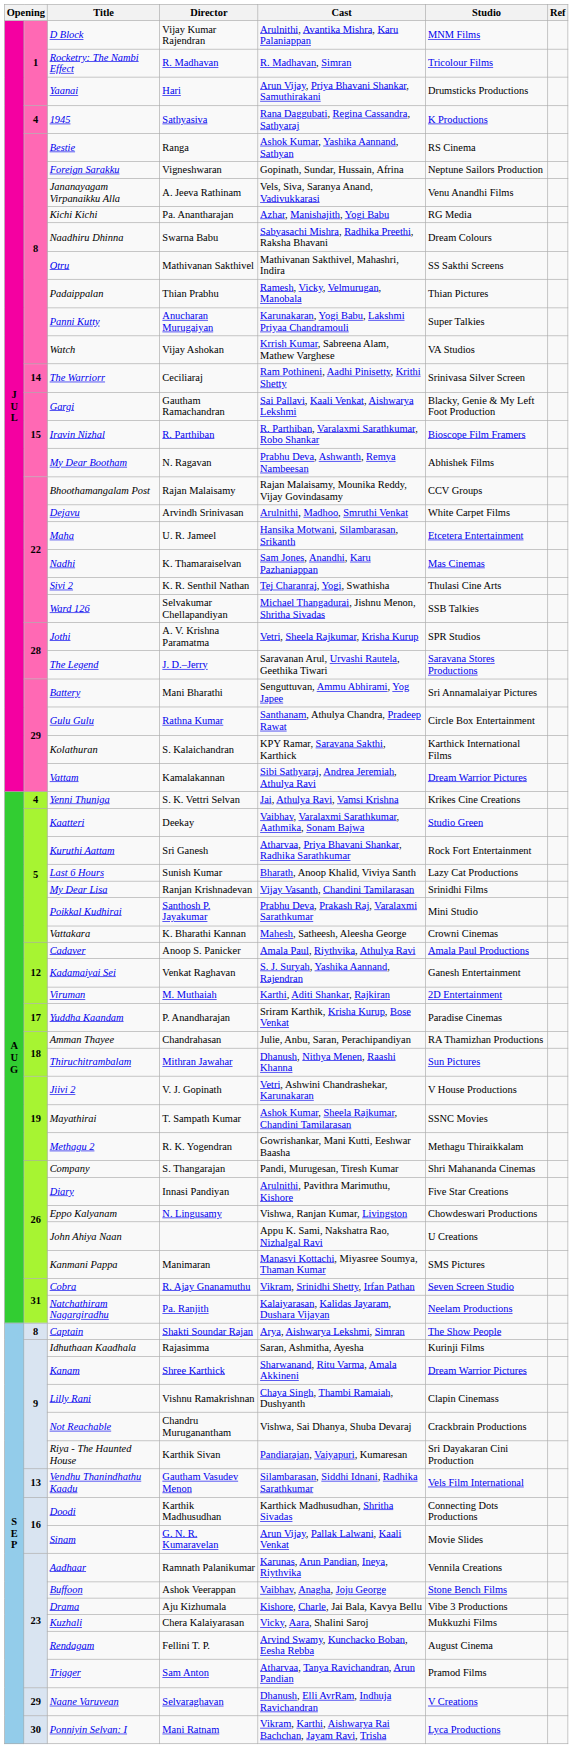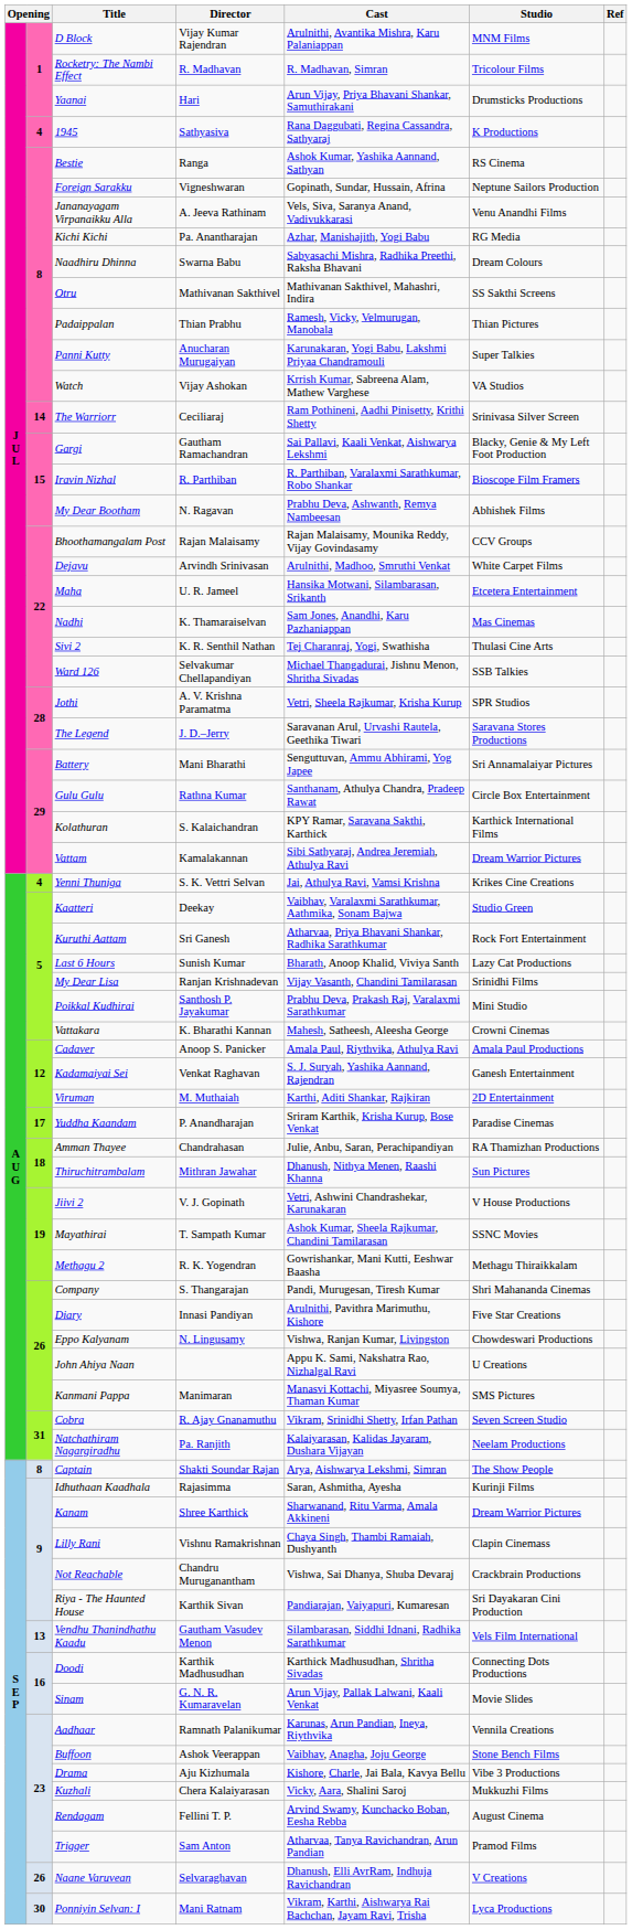 <table class="wikitable sortable">
 <tr>
 <th colspan="2">Opening</th>
 <th style="width:20%;">Title</th>
 <th>Director</th>
 <th>Cast</th>
 <th>Studio</th>
 <th>Ref</th>
 </tr>
 <tr>
 <td rowspan="29" style="text-align:center; background:#F400A1; textcolor:#000;"><strong>J<br>U<br>L</strong></td>
 <td rowspan="3" style="text-align:center; background:hotPink;"><strong>1</strong></td>
 <td><em><a href='#'>D Block</a></em></td>
 <td>Vijay Kumar Rajendran</td>
 <td><a href='#'>Arulnithi</a>, <a href='#'>Avantika Mishra</a>, <a href='#'>Karu Palaniappan</a></td>
 <td><a href='#'>MNM Films</a></td>
 <td></td>
 </tr>
 <tr>
 <td><em><a href='#'>Rocketry: The Nambi Effect</a></em></td>
 <td><a href='#'>R. Madhavan</a></td>
 <td><a href='#'>R. Madhavan</a>, <a href='#'>Simran</a></td>
 <td><a href='#'>Tricolour Films</a></td>
 <td></td>
 </tr>
 <tr>
 <td><em><a href='#'>Yaanai</a></em></td>
 <td><a href='#'>Hari</a></td>
 <td><a href='#'>Arun Vijay</a>, <a href='#'>Priya Bhavani Shankar</a>, <a href='#'>Samuthirakani</a></td>
 <td>Drumsticks Productions</td>
 <td></td>
 </tr>
 <tr>
 <td style="text-align:center; background:hotPink;"><strong>4</strong></td>
 <td><em><a href='#'>1945</a></em></td>
 <td><a href='#'>Sathyasiva</a></td>
 <td><a href='#'>Rana Daggubati</a>, <a href='#'>Regina Cassandra</a>, <a href='#'>Sathyaraj</a></td>
 <td><a href='#'>K Productions</a></td>
 <td></td>
 </tr>
 <tr>
 <td rowspan="9" style="text-align:center; background:hotPink"><strong>8</strong></td>
 <td><em><a href='#'>Bestie</a></em></td>
 <td>Ranga</td>
 <td><a href='#'>Ashok Kumar</a>, <a href='#'>Yashika Aannand</a>, <a href='#'>Sathyan</a></td>
 <td>RS Cinema</td>
 <td></td>
 </tr>
 <tr>
 <td><em><a href='#'>Foreign Sarakku</a></em></td>
 <td>Vigneshwaran</td>
 <td>Gopinath, Sundar, Hussain, Afrina</td>
 <td>Neptune Sailors Production</td>
 <td></td>
 </tr>
 <tr>
 <td><em>Jananayagam Virpanaikku Alla</em></td>
 <td>A. Jeeva Rathinam</td>
 <td>Vels, Siva, Saranya Anand, <a href='#'>Vadivukkarasi</a></td>
 <td>Venu Anandhi Films</td>
 <td></td>
 </tr>
 <tr>
 <td><em>Kichi Kichi</em></td>
 <td>Pa. Anantharajan</td>
 <td><a href='#'>Azhar</a>, <a href='#'>Manishajith</a>, <a href='#'>Yogi Babu</a></td>
 <td>RG Media</td>
 <td></td>
 </tr>
 <tr>
 <td><em>Naadhiru Dhinna</em></td>
 <td>Swarna Babu</td>
 <td><a href='#'>Sabyasachi Mishra</a>, <a href='#'>Radhika Preethi</a>, Raksha Bhavani</td>
 <td>Dream Colours</td>
 <td></td>
 </tr>
 <tr>
 <td><em><a href='#'>Otru</a></em></td>
 <td>Mathivanan Sakthivel</td>
 <td>Mathivanan Sakthivel, Mahashri, Indira</td>
 <td>SS Sakthi Screens</td>
 <td></td>
 </tr>
 <tr>
 <td><em>Padaippalan</em></td>
 <td>Thian Prabhu</td>
 <td><a href='#'>Ramesh</a>, <a href='#'>Vicky</a>, <a href='#'>Velmurugan</a>, <a href='#'>Manobala</a></td>
 <td>Thian Pictures</td>
 <td></td>
 </tr>
 <tr>
 <td><em><a href='#'>Panni Kutty</a></em></td>
 <td><a href='#'>Anucharan Murugaiyan</a></td>
 <td><a href='#'>Karunakaran</a>, <a href='#'>Yogi Babu</a>, <a href='#'>Lakshmi Priyaa Chandramouli</a></td>
 <td>Super Talkies</td>
 <td></td>
 </tr>
 <tr>
 <td><em>Watch</em></td>
 <td>Vijay Ashokan</td>
 <td><a href='#'>Krrish Kumar</a>, Sabreena Alam, Mathew Varghese</td>
 <td>VA Studios</td>
 <td></td>
 </tr>
 <tr>
 <td style="text-align:center; background:hotPink"><strong>14</strong></td>
 <td><em><a href='#'>The Warriorr</a></em></td>
 <td>Ceciliaraj</td>
 <td><a href='#'>Ram Pothineni</a>, <a href='#'>Aadhi Pinisetty</a>, <a href='#'>Krithi Shetty</a></td>
 <td>Srinivasa Silver Screen</td>
 <td></td>
 </tr>
 <tr>
 <td rowspan="3" style="text-align:center; background:hotPink"><strong>15</strong></td>
 <td><em><a href='#'>Gargi</a></em></td>
 <td>Gautham Ramachandran</td>
 <td><a href='#'>Sai Pallavi</a>, <a href='#'>Kaali Venkat</a>, <a href='#'>Aishwarya Lekshmi</a></td>
 <td>Blacky, Genie & My Left Foot Production</td>
 <td></td>
 </tr>
 <tr>
 <td><em><a href='#'>Iravin Nizhal</a></em></td>
 <td><a href='#'>R. Parthiban</a></td>
 <td><a href='#'>R. Parthiban</a>, <a href='#'>Varalaxmi Sarathkumar</a>, <a href='#'>Robo Shankar</a></td>
 <td><a href='#'>Bioscope Film Framers</a></td>
 <td></td>
 </tr>
 <tr>
 <td><em><a href='#'>My Dear Bootham</a></em></td>
 <td>N. Ragavan</td>
 <td><a href='#'>Prabhu Deva</a>, <a href='#'>Ashwanth</a>, <a href='#'>Remya Nambeesan</a></td>
 <td>Abhishek Films</td>
 <td></td>
 </tr>
 <tr>
 <td rowspan="6" style="text-align:center; background:hotPink"><strong>22</strong></td>
 <td><em>Bhoothamangalam Post</em></td>
 <td>Rajan Malaisamy</td>
 <td>Rajan Malaisamy, Mounika Reddy, Vijay Govindasamy</td>
 <td>CCV Groups</td>
 <td></td>
 </tr>
 <tr>
 <td><em><a href='#'>Dejavu</a></em></td>
 <td>Arvindh Srinivasan</td>
 <td><a href='#'>Arulnithi</a>, <a href='#'>Madhoo</a>, <a href='#'>Smruthi Venkat</a></td>
 <td>White Carpet Films</td>
 <td></td>
 </tr>
 <tr>
 <td><em><a href='#'>Maha</a></em></td>
 <td>U. R. Jameel</td>
 <td><a href='#'>Hansika Motwani</a>, <a href='#'>Silambarasan</a>, <a href='#'>Srikanth</a></td>
 <td><a href='#'>Etcetera Entertainment</a></td>
 <td></td>
 </tr>
 <tr>
 <td><em><a href='#'>Nadhi</a></em></td>
 <td>K. Thamaraiselvan</td>
 <td><a href='#'>Sam Jones</a>, <a href='#'>Anandhi</a>, <a href='#'>Karu Pazhaniappan</a></td>
 <td><a href='#'>Mas Cinemas</a></td>
 <td></td>
 </tr>
 <tr>
 <td><em><a href='#'>Sivi 2</a></em></td>
 <td>K. R. Senthil Nathan</td>
 <td><a href='#'>Tej Charanraj</a>, <a href='#'>Yogi</a>, Swathisha</td>
 <td>Thulasi Cine Arts</td>
 <td></td>
 </tr>
 <tr>
 <td><em><a href='#'>Ward 126</a></em></td>
 <td>Selvakumar Chellapandiyan</td>
 <td><a href='#'>Michael Thangadurai</a>, Jishnu Menon, <a href='#'>Shritha Sivadas</a></td>
 <td>SSB Talkies</td>
 <td></td>
 </tr>
 <tr>
 <td rowspan="2" style="text-align:center; background:hotPink"><strong>28</strong></td>
 <td><em><a href='#'>Jothi</a></em></td>
 <td>A. V. Krishna Paramatma</td>
 <td><a href='#'>Vetri</a>, <a href='#'>Sheela Rajkumar</a>, <a href='#'>Krisha Kurup</a></td>
 <td>SPR Studios</td>
 <td></td>
 </tr>
 <tr>
 <td><em><a href='#'>The Legend</a></em></td>
 <td><a href='#'>J. D.–Jerry</a></td>
 <td>Saravanan Arul, <a href='#'>Urvashi Rautela</a>, Geethika Tiwari</td>
 <td><a href='#'>Saravana Stores Productions</a></td>
 <td></td>
 </tr>
 <tr>
 <td rowspan="4" style="text-align:center; background:hotPink"><strong>29</strong></td>
 <td><em><a href='#'>Battery</a></em></td>
 <td>Mani Bharathi</td>
 <td>Senguttuvan, <a href='#'>Ammu Abhirami</a>, <a href='#'>Yog Japee</a></td>
 <td>Sri Annamalaiyar Pictures</td>
 <td></td>
 </tr>
 <tr>
 <td><em><a href='#'>Gulu Gulu</a></em></td>
 <td><a href='#'>Rathna Kumar</a></td>
 <td><a href='#'>Santhanam</a>, Athulya Chandra, <a href='#'>Pradeep Rawat</a></td>
 <td>Circle Box Entertainment</td>
 <td></td>
 </tr>
 <tr>
 <td><em>Kolathuran</em></td>
 <td>S. Kalaichandran</td>
 <td>KPY Ramar, <a href='#'>Saravana Sakthi</a>, Karthick</td>
 <td>Karthick International Films</td>
 <td></td>
 </tr>
 <tr>
 <td><em><a href='#'>Vattam</a></em></td>
 <td>Kamalakannan</td>
 <td><a href='#'>Sibi Sathyaraj</a>, <a href='#'>Andrea Jeremiah</a>, <a href='#'>Athulya Ravi</a></td>
 <td><a href='#'>Dream Warrior Pictures</a></td>
 <td></td>
 </tr>
 <tr>
 <td rowspan="23" style="text-align:center; background:#32CD32; textcolor:#d580ff;"><strong>A<br>U<br>G</strong></td>
 <td style="text-align:center; background:#a7f432;"><strong>4</strong></td>
 <td><em><a href='#'>Yenni Thuniga</a></em></td>
 <td>S. K. Vettri Selvan</td>
 <td><a href='#'>Jai</a>, <a href='#'>Athulya Ravi</a>, <a href='#'>Vamsi Krishna</a></td>
 <td>Krikes Cine Creations</td>
 <td></td>
 </tr>
 <tr>
 <td rowspan="6" style="text-align:center; background:#A7F432;"><strong>5</strong></td>
 <td><em><a href='#'>Kaatteri</a></em></td>
 <td>Deekay</td>
 <td><a href='#'>Vaibhav</a>, <a href='#'>Varalaxmi Sarathkumar</a>, <a href='#'>Aathmika</a>, <a href='#'>Sonam Bajwa</a></td>
 <td><a href='#'>Studio Green</a></td>
 <td></td>
 </tr>
 <tr>
 <td><em><a href='#'>Kuruthi Aattam</a></em></td>
 <td>Sri Ganesh</td>
 <td><a href='#'>Atharvaa</a>, <a href='#'>Priya Bhavani Shankar</a>, <a href='#'>Radhika Sarathkumar</a></td>
 <td>Rock Fort Entertainment</td>
 <td></td>
 </tr>
 <tr>
 <td><em><a href='#'>Last 6 Hours</a></em></td>
 <td>Sunish Kumar</td>
 <td><a href='#'>Bharath</a>, Anoop Khalid, Viviya Santh</td>
 <td>Lazy Cat Productions</td>
 <td></td>
 </tr>
 <tr>
 <td><em><a href='#'>My Dear Lisa</a></em></td>
 <td>Ranjan Krishnadevan</td>
 <td><a href='#'>Vijay Vasanth</a>, <a href='#'>Chandini Tamilarasan</a></td>
 <td>Srinidhi Films</td>
 <td></td>
 </tr>
 <tr>
 <td><em><a href='#'>Poikkal Kudhirai</a></em></td>
 <td><a href='#'>Santhosh P. Jayakumar</a></td>
 <td><a href='#'>Prabhu Deva</a>, <a href='#'>Prakash Raj</a>, <a href='#'>Varalaxmi Sarathkumar</a></td>
 <td>Mini Studio</td>
 <td></td>
 </tr>
 <tr>
 <td><em>Vattakara</em></td>
 <td>K. Bharathi Kannan</td>
 <td><a href='#'>Mahesh</a>, Satheesh, Aleesha George</td>
 <td>Crowni Cinemas</td>
 <td></td>
 </tr>
 <tr>
 <td rowspan="3" style="text-align:center; background:#A7F432;"><strong>12</strong></td>
 <td><em><a href='#'>Cadaver</a></em></td>
 <td>Anoop S. Panicker</td>
 <td><a href='#'>Amala Paul</a>, <a href='#'>Riythvika</a>, <a href='#'>Athulya Ravi</a></td>
 <td><a href='#'>Amala Paul Productions</a></td>
 <td></td>
 </tr>
 <tr>
 <td><em><a href='#'>Kadamaiyai Sei</a></em></td>
 <td>Venkat Raghavan</td>
 <td><a href='#'>S. J. Suryah</a>, <a href='#'>Yashika Aannand</a>, <a href='#'>Rajendran</a></td>
 <td>Ganesh Entertainment</td>
 <td></td>
 </tr>
 <tr>
 <td><em><a href='#'>Viruman</a></em></td>
 <td><a href='#'>M. Muthaiah</a></td>
 <td><a href='#'>Karthi</a>, <a href='#'>Aditi Shankar</a>, <a href='#'>Rajkiran</a></td>
 <td><a href='#'>2D Entertainment</a></td>
 <td></td>
 </tr>
 <tr>
 <td style="text-align:center; background:#a7f432;"><strong>17</strong></td>
 <td><em><a href='#'>Yuddha Kaandam</a></em></td>
 <td>P. Anandharajan</td>
 <td>Sriram Karthik, <a href='#'>Krisha Kurup</a>, <a href='#'>Bose Venkat</a></td>
 <td>Paradise Cinemas</td>
 <td></td>
 </tr>
 <tr>
 <td rowspan="2" style="text-align:center; background:#a7f432;"><strong>18</strong></td>
 <td><em>Amman Thayee</em></td>
 <td>Chandrahasan</td>
 <td>Julie, Anbu, Saran, Perachipandiyan</td>
 <td>RA Thamizhan Productions</td>
 <td></td>
 </tr>
 <tr>
 <td><em><a href='#'>Thiruchitrambalam</a></em></td>
 <td><a href='#'>Mithran Jawahar</a></td>
 <td><a href='#'>Dhanush</a>, <a href='#'>Nithya Menen</a>, <a href='#'>Raashi Khanna</a></td>
 <td><a href='#'>Sun Pictures</a></td>
 <td></td>
 </tr>
 <tr>
 <td rowspan="3" style="text-align:center; background:#A7F432;"><strong>19</strong></td>
 <td><em><a href='#'>Jiivi 2</a></em></td>
 <td>V. J. Gopinath</td>
 <td><a href='#'>Vetri</a>, Ashwini Chandrashekar, <a href='#'>Karunakaran</a></td>
 <td>V House Productions</td>
 <td></td>
 </tr>
 <tr>
 <td><em>Mayathirai</em></td>
 <td>T. Sampath Kumar</td>
 <td><a href='#'>Ashok Kumar</a>, <a href='#'>Sheela Rajkumar</a>, <a href='#'>Chandini Tamilarasan</a></td>
 <td>SSNC Movies</td>
 <td></td>
 </tr>
 <tr>
 <td><em><a href='#'>Methagu 2</a></em></td>
 <td>R. K. Yogendran</td>
 <td>Gowrishankar, Mani Kutti, Eeshwar Baasha</td>
 <td>Methagu Thiraikkalam</td>
 <td></td>
 </tr>
 <tr>
 <td rowspan="5" style="text-align:center; background:#A7F432;"><strong>26</strong></td>
 <td><em>Company</em></td>
 <td>S. Thangarajan</td>
 <td>Pandi, Murugesan, Tiresh Kumar</td>
 <td>Shri Mahananda Cinemas</td>
 <td></td>
 </tr>
 <tr>
 <td><em><a href='#'>Diary</a></em></td>
 <td>Innasi Pandiyan</td>
 <td><a href='#'>Arulnithi</a>, Pavithra Marimuthu, <a href='#'>Kishore</a></td>
 <td>Five Star Creations</td>
 <td></td>
 </tr>
 <tr>
 <td><em>Eppo Kalyanam</em></td>
 <td><a href='#'>N. Lingusamy</a></td>
 <td>Vishwa, Ranjan Kumar, <a href='#'>Livingston</a></td>
 <td>Chowdeswari Productions</td>
 <td></td>
 </tr>
 <tr>
 <td><em>John Ahiya Naan</em></td>
 <td></td>
 <td>Appu K. Sami, Nakshatra Rao, <a href='#'>Nizhalgal Ravi</a></td>
 <td>U Creations</td>
 <td></td>
 </tr>
 <tr>
 <td><em>Kanmani Pappa</em></td>
 <td>Manimaran</td>
 <td><a href='#'>Manasvi Kottachi</a>, Miyasree Soumya, <a href='#'>Thaman Kumar</a></td>
 <td>SMS Pictures</td>
 <td></td>
 </tr>
 <tr>
 <td rowspan="2" style="text-align:center; background:#A7F432;"><strong>31</strong></td>
 <td><em><a href='#'>Cobra</a></em></td>
 <td><a href='#'>R. Ajay Gnanamuthu</a></td>
 <td><a href='#'>Vikram</a>, <a href='#'>Srinidhi Shetty</a>, <a href='#'>Irfan Pathan</a></td>
 <td><a href='#'>Seven Screen Studio</a></td>
 <td></td>
 </tr>
 <tr>
 <td><em><a href='#'>Natchathiram Nagargiradhu</a></em></td>
 <td><a href='#'>Pa. Ranjith</a></td>
 <td><a href='#'>Kalaiyarasan</a>, <a href='#'>Kalidas Jayaram</a>, <a href='#'>Dushara Vijayan</a></td>
 <td><a href='#'>Neelam Productions</a></td>
 <td></td>
 </tr>
 <tr>
 <td rowspan="19" style="text-align:center; background:#93CCEA; textcolor:#d580ff;"><strong>S<br>E<br>P</strong></td>
 <td style="text-align:center; background:#d9e4f1;"><strong>8</strong></td>
 <td><em><a href='#'>Captain</a></em></td>
 <td><a href='#'>Shakti Soundar Rajan</a></td>
 <td><a href='#'>Arya</a>, <a href='#'>Aishwarya Lekshmi</a>, <a href='#'>Simran</a></td>
 <td><a href='#'>The Show People</a></td>
 <td></td>
 </tr>
 <tr>
 <td rowspan="5" style="text-align:center; background:#d9e4f1;"><strong>9</strong></td>
 <td><em>Idhuthaan Kaadhala</em></td>
 <td>Rajasimma</td>
 <td>Saran, Ashmitha, Ayesha</td>
 <td>Kurinji Films</td>
 <td></td>
 </tr>
 <tr>
 <td><em><a href='#'>Kanam</a></em></td>
 <td><a href='#'>Shree Karthick</a></td>
 <td><a href='#'>Sharwanand</a>, <a href='#'>Ritu Varma</a>, <a href='#'>Amala Akkineni</a></td>
 <td><a href='#'>Dream Warrior Pictures</a></td>
 <td></td>
 </tr>
 <tr>
 <td><em><a href='#'>Lilly Rani</a></em></td>
 <td>Vishnu Ramakrishnan</td>
 <td><a href='#'>Chaya Singh</a>, <a href='#'>Thambi Ramaiah</a>, Dushyanth</td>
 <td>Clapin Cinemass</td>
 <td></td>
 </tr>
 <tr>
 <td><em><a href='#'>Not Reachable</a></em></td>
 <td>Chandru Muruganantham</td>
 <td>Vishwa, Sai Dhanya, Shuba Devaraj</td>
 <td>Crackbrain Productions</td>
 <td></td>
 </tr>
 <tr>
 <td><em>Riya - The Haunted House</em></td>
 <td>Karthik Sivan</td>
 <td><a href='#'>Pandiarajan</a>, <a href='#'>Vaiyapuri</a>, Kumaresan</td>
 <td>Sri Dayakaran Cini Production</td>
 <td></td>
 </tr>
 <tr>
 <td style="text-align:center; background:#d9e4f1;"><strong>13</strong></td>
 <td><em><a href='#'>Vendhu Thanindhathu Kaadu</a></em></td>
 <td><a href='#'>Gautham Vasudev Menon</a></td>
 <td><a href='#'>Silambarasan</a>, <a href='#'>Siddhi Idnani</a>, <a href='#'>Radhika Sarathkumar</a></td>
 <td><a href='#'>Vels Film International</a></td>
 <td></td>
 </tr>
 <tr>
 <td rowspan="2" style="text-align:center; background:#d9e4f1;"><strong>16</strong></td>
 <td><em><a href='#'>Doodi</a></em></td>
 <td>Karthik Madhusudhan</td>
 <td>Karthick Madhusudhan, <a href='#'>Shritha Sivadas</a></td>
 <td>Connecting Dots Productions</td>
 <td></td>
 </tr>
 <tr>
 <td><em><a href='#'>Sinam</a></em></td>
 <td><a href='#'>G. N. R. Kumaravelan</a></td>
 <td><a href='#'>Arun Vijay</a>, <a href='#'>Pallak Lalwani</a>, <a href='#'>Kaali Venkat</a></td>
 <td>Movie Slides</td>
 <td></td>
 </tr>
 <tr>
 <td rowspan="6" style="text-align:center; background:#d9e4f1;"><strong>23</strong></td>
 <td><em><a href='#'>Aadhaar</a></em></td>
 <td>Ramnath Palanikumar</td>
 <td><a href='#'>Karunas</a>, <a href='#'>Arun Pandian</a>, <a href='#'>Ineya</a>, <a href='#'>Riythvika</a></td>
 <td>Vennila Creations</td>
 <td></td>
 </tr>
 <tr>
 <td><em><a href='#'>Buffoon</a></em></td>
 <td>Ashok Veerappan</td>
 <td><a href='#'>Vaibhav</a>, <a href='#'>Anagha</a>, <a href='#'>Joju George</a></td>
 <td><a href='#'>Stone Bench Films</a></td>
 <td></td>
 </tr>
 <tr>
 <td><em><a href='#'>Drama</a></em></td>
 <td>Aju Kizhumala</td>
 <td><a href='#'>Kishore</a>, <a href='#'>Charle</a>, Jai Bala, Kavya Bellu</td>
 <td>Vibe 3 Productions</td>
 <td></td>
 </tr>
 <tr>
 <td><em><a href='#'>Kuzhali</a></em></td>
 <td>Chera Kalaiyarasan</td>
 <td><a href='#'>Vicky</a>, <a href='#'>Aara</a>, Shalini Saroj</td>
 <td>Mukkuzhi Films</td>
 <td></td>
 </tr>
 <tr>
 <td><em><a href='#'>Rendagam</a></em></td>
 <td>Fellini T. P.</td>
 <td><a href='#'>Arvind Swamy</a>, <a href='#'>Kunchacko Boban</a>, <a href='#'>Eesha Rebba</a></td>
 <td>August Cinema</td>
 <td></td>
 </tr>
 <tr>
 <td><em><a href='#'>Trigger</a></em></td>
 <td><a href='#'>Sam Anton</a></td>
 <td><a href='#'>Atharvaa</a>, <a href='#'>Tanya Ravichandran</a>, <a href='#'>Arun Pandian</a></td>
 <td>Pramod Films</td>
 <td></td>
 </tr>
 <tr>
-<td style="text-align:center; background:#d9e4f1;"><strong>29</strong></td>
+<td style="text-align:center; background:#d9e4f1;"><strong>26</strong></td>
 <td><em><a href='#'>Naane Varuvean</a></em></td>
 <td><a href='#'>Selvaraghavan</a></td>
 <td><a href='#'>Dhanush</a>, <a href='#'>Elli AvrRam</a>, <a href='#'>Indhuja Ravichandran</a></td>
 <td><a href='#'>V Creations</a></td>
 <td></td>
 </tr>
 <tr>
 <td style="text-align:center; background:#d9e4f1;"><strong>30</strong></td>
 <td><em><a href='#'>Ponniyin Selvan: I</a></em></td>
 <td><a href='#'>Mani Ratnam</a></td>
 <td><a href='#'>Vikram</a>, <a href='#'>Karthi</a>, <a href='#'>Aishwarya Rai Bachchan</a>, <a href='#'>Jayam Ravi</a>, <a href='#'>Trisha</a></td>
 <td><a href='#'>Lyca Productions</a></td>
 <td></td>
 </tr>
 </table>
